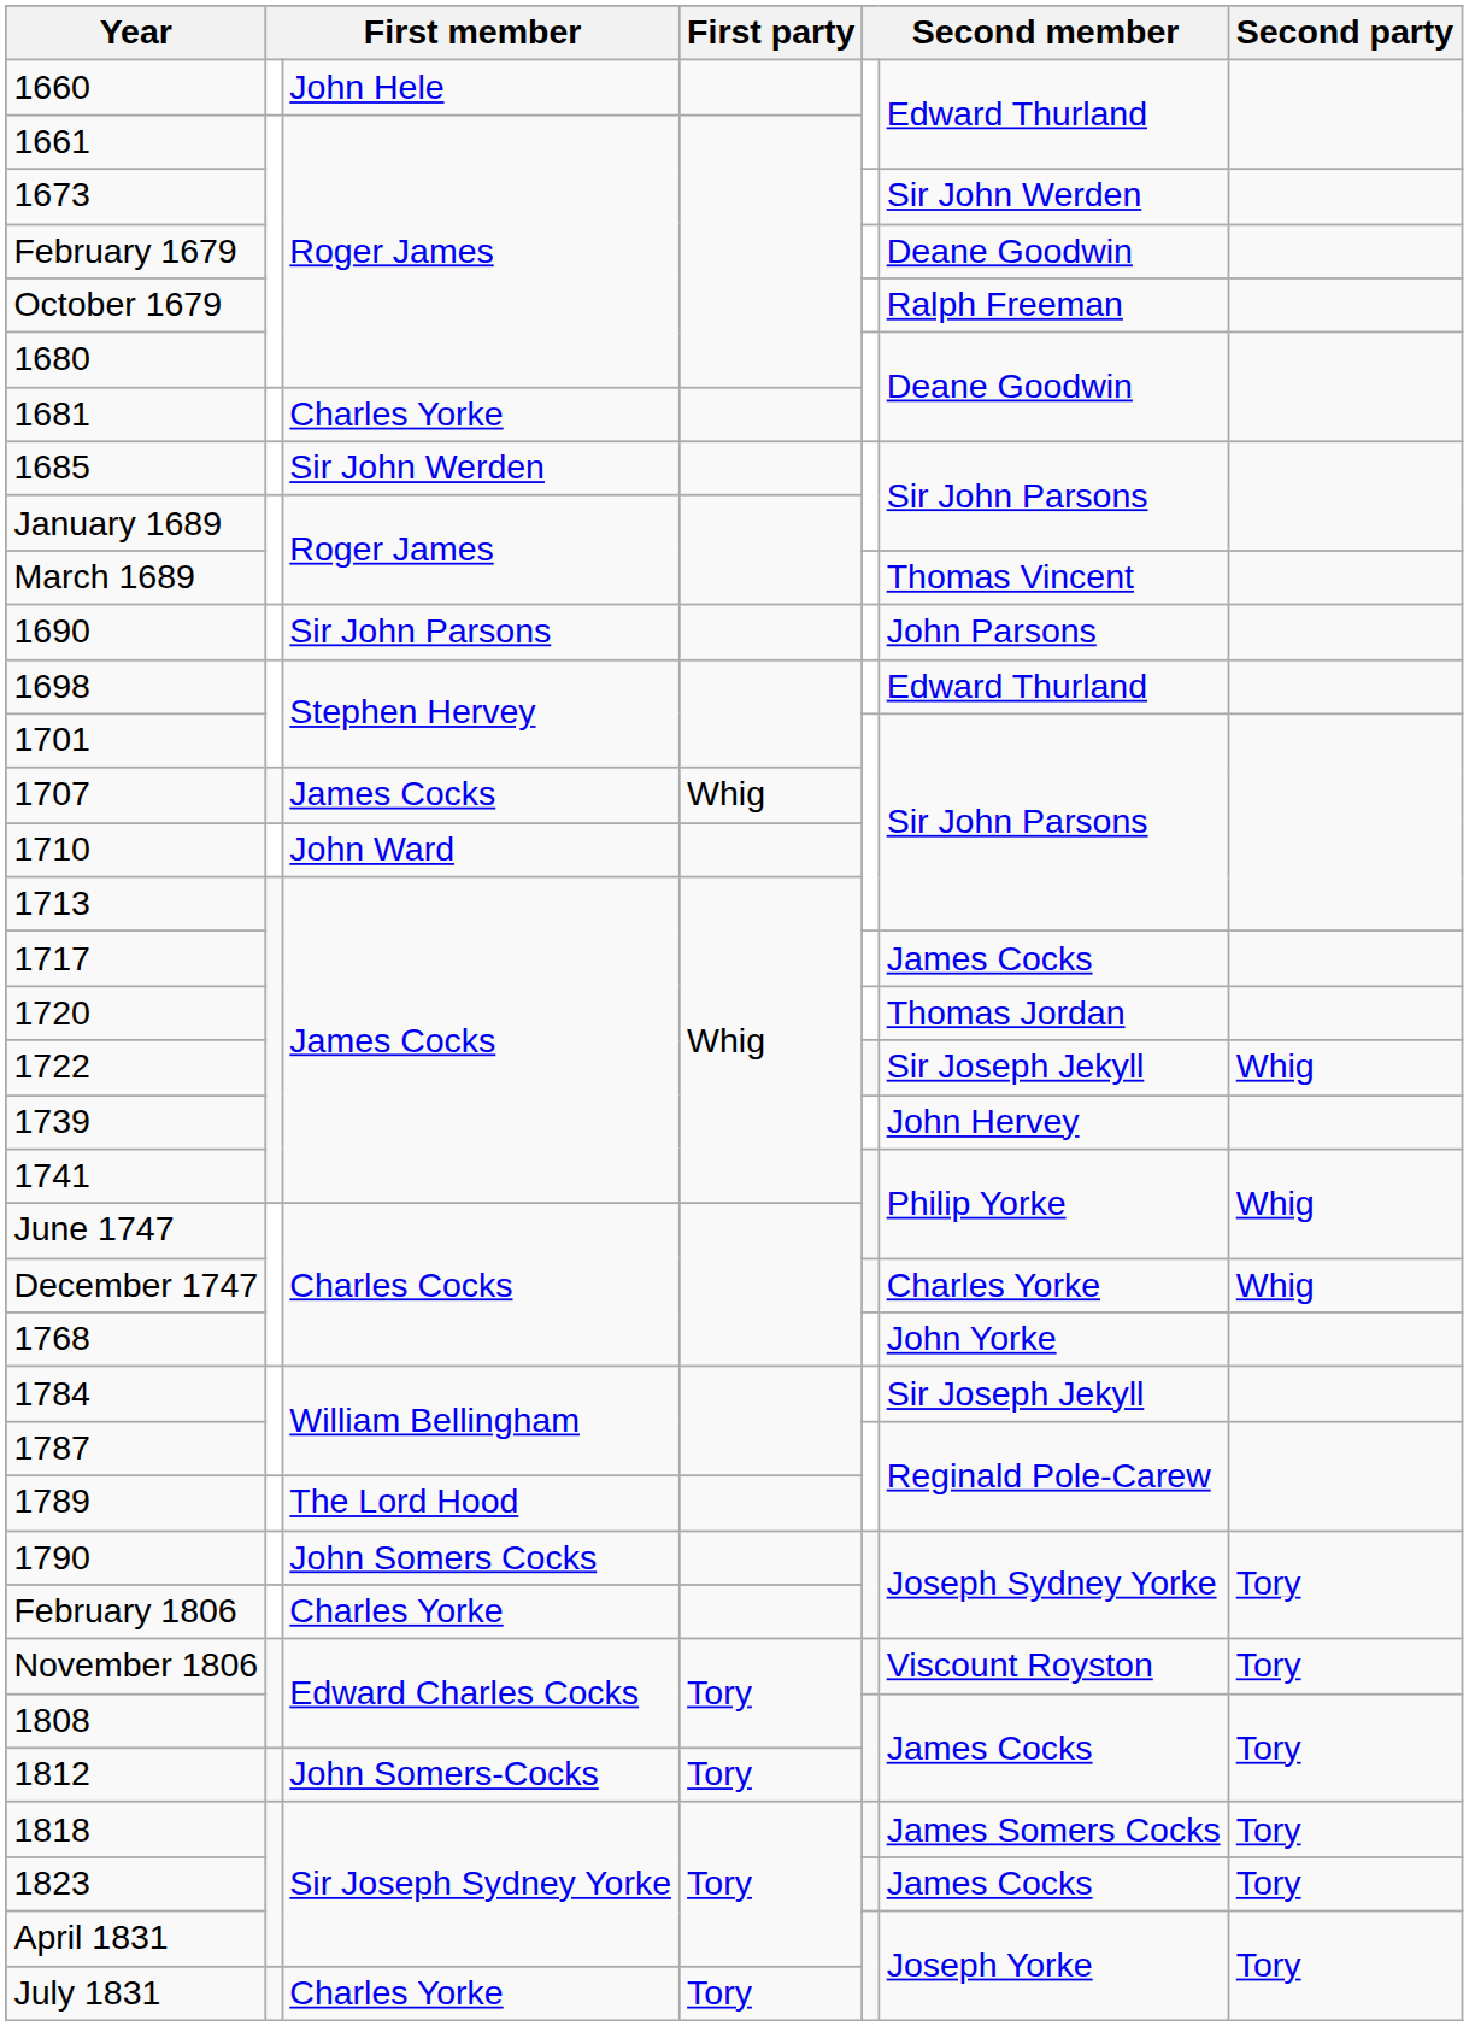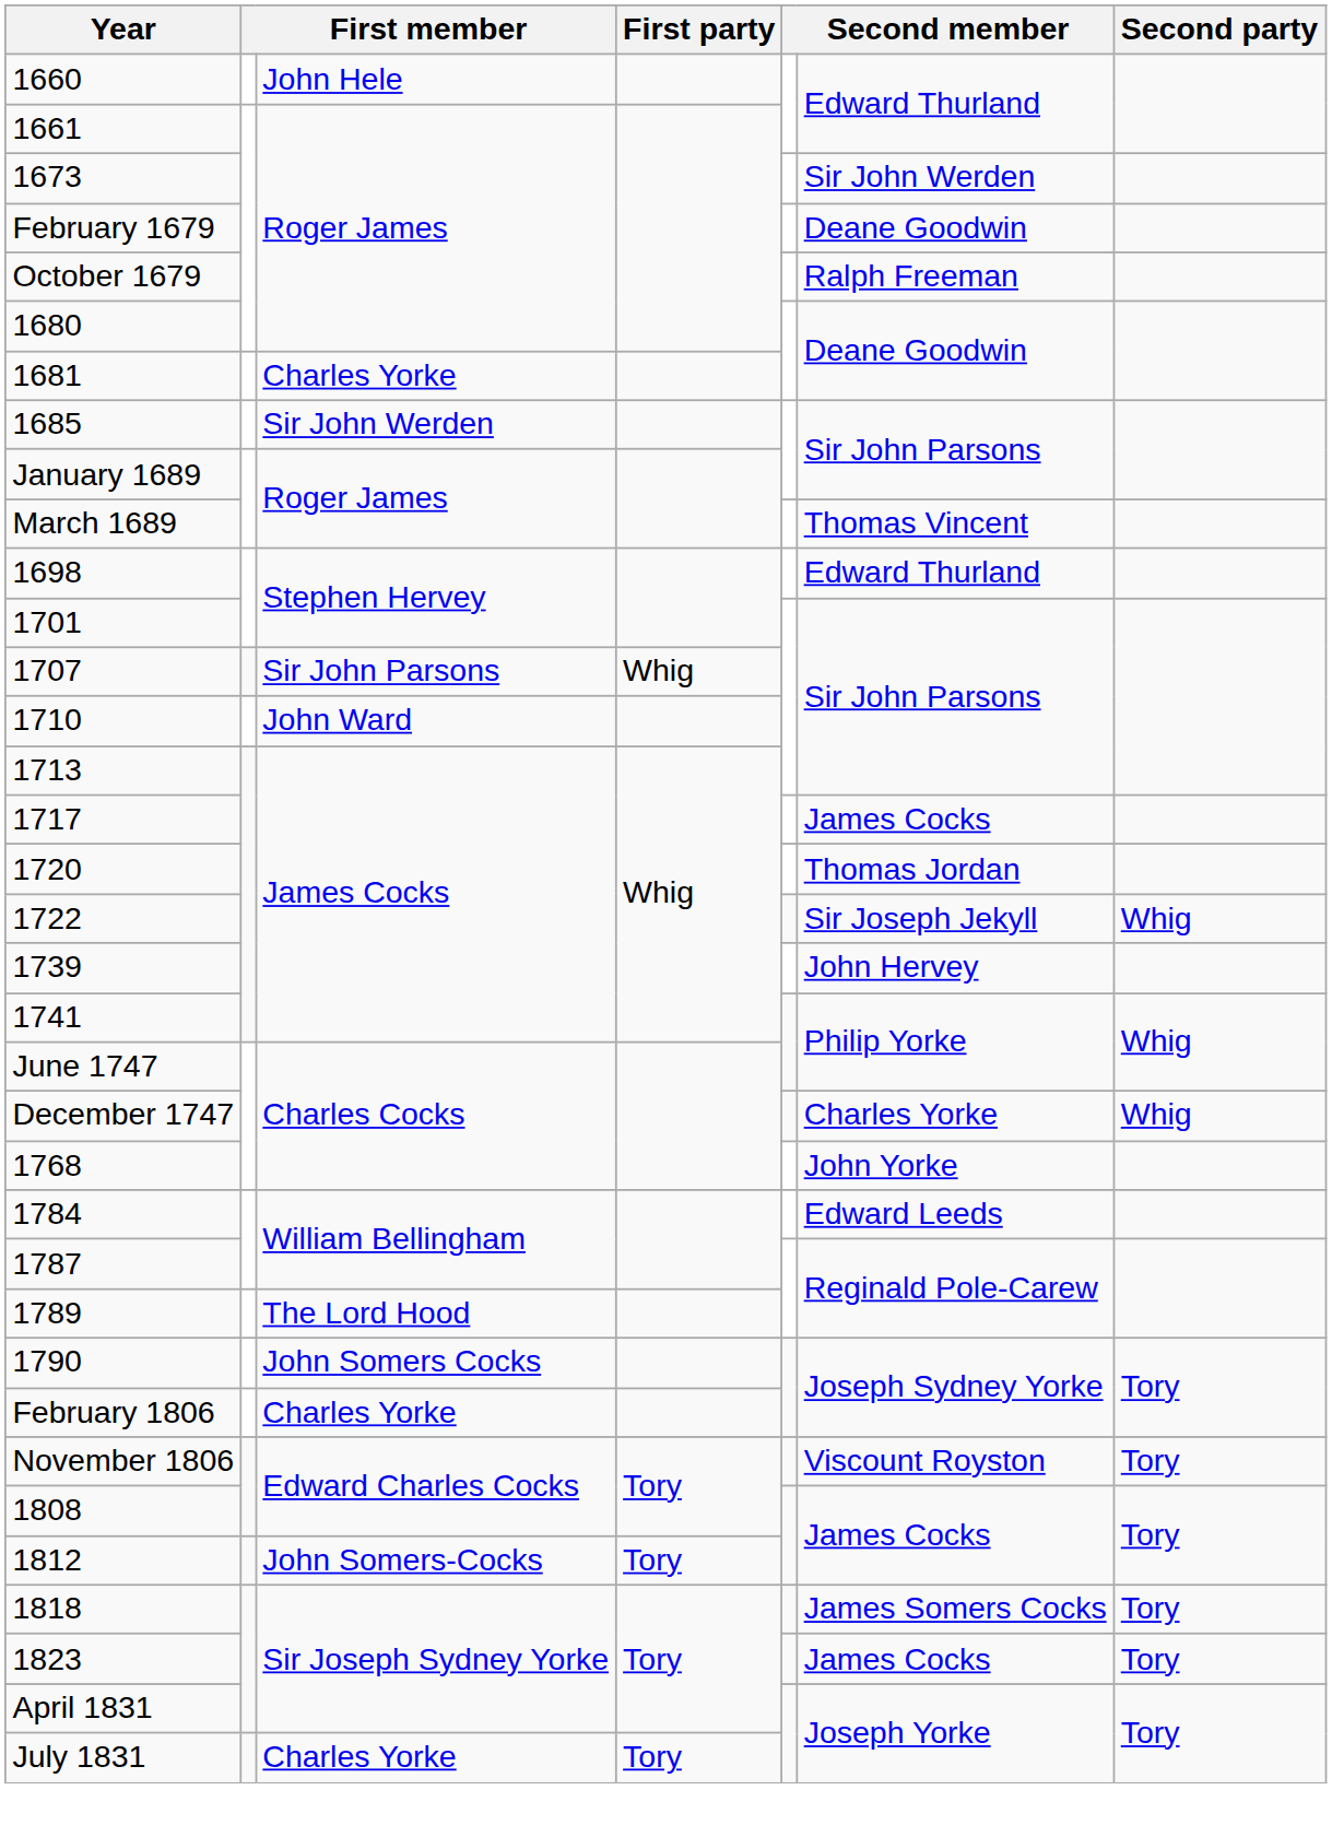 <table class="wikitable">
 <tr>
 <th>Year</th>
 <th colspan="2">First member</th>
 <th>First party</th>
 <th colspan="2">Second member</th>
 <th>Second party</th>
 </tr>
 <tr>
 <td>1660</td>
 <td style="color:inherit;background-color: white"></td>
 <td><a href='#'>John Hele</a></td>
 <td></td>
 <td rowspan="2" style="color:inherit;background-color: white"></td>
 <td rowspan="2"><a href='#'>Edward Thurland</a></td>
 <td rowspan="2"></td>
 </tr>
 <tr>
 <td>1661</td>
 <td rowspan="5" style="color:inherit;background-color: white"></td>
 <td rowspan="5"><a href='#'>Roger James</a></td>
 <td rowspan="5"></td>
 </tr>
 <tr>
 <td>1673</td>
 <td style="color:inherit;background-color: white"></td>
 <td><a href='#'>Sir John Werden</a></td>
 <td></td>
 </tr>
 <tr>
 <td>February 1679</td>
 <td style="color:inherit;background-color: white"></td>
 <td><a href='#'>Deane Goodwin</a></td>
 <td></td>
 </tr>
 <tr>
 <td>October 1679</td>
 <td style="color:inherit;background-color: white"></td>
 <td><a href='#'>Ralph Freeman</a></td>
 <td></td>
 </tr>
 <tr>
 <td>1680</td>
 <td rowspan="2" style="color:inherit;background-color: white"></td>
 <td rowspan="2"><a href='#'>Deane Goodwin</a></td>
 <td rowspan="2"></td>
 </tr>
 <tr>
 <td>1681</td>
 <td style="color:inherit;background-color: white"></td>
 <td><a href='#'>Charles Yorke</a></td>
 <td></td>
 </tr>
 <tr>
 <td>1685</td>
 <td style="color:inherit;background-color: white"></td>
 <td><a href='#'>Sir John Werden</a></td>
 <td></td>
 <td rowspan="2" style="color:inherit;background-color: white"></td>
 <td rowspan="2"><a href='#'>Sir John Parsons</a></td>
 <td rowspan="2"></td>
 </tr>
 <tr>
 <td>January 1689</td>
 <td rowspan="2" style="color:inherit;background-color: white"></td>
 <td rowspan="2"><a href='#'>Roger James</a></td>
 <td rowspan="2"></td>
 </tr>
 <tr>
 <td>March 1689</td>
 <td style="color:inherit;background-color: white"></td>
 <td><a href='#'>Thomas Vincent</a></td>
 <td></td>
 </tr>
 <tr>
-<td>1690</td>
-<td style="color:inherit;background-color: white"></td>
-<td><a href='#'>Sir John Parsons</a></td>
-<td></td>
-<td style="color:inherit;background-color: white"></td>
-<td><a href='#'>John Parsons</a></td>
-<td></td>
-</tr>
-<tr>
 <td>1698</td>
 <td rowspan="2" style="color:inherit;background-color: white"></td>
 <td rowspan="2"><a href='#'>Stephen Hervey</a></td>
 <td rowspan="2"></td>
 <td style="color:inherit;background-color: white"></td>
 <td><a href='#'>Edward Thurland</a></td>
 <td></td>
 </tr>
 <tr>
 <td>1701</td>
 <td rowspan="4" style="color:inherit;background-color: white"></td>
 <td rowspan="4"><a href='#'>Sir John Parsons</a></td>
 <td rowspan="4"></td>
 </tr>
 <tr>
 <td>1707</td>
 <td style="color:inherit;background-color: "></td>
-<td><a href='#'>James Cocks</a></td>
+<td><a href='#'>Sir John Parsons</a></td>
 <td>Whig</td>
 </tr>
 <tr>
 <td>1710</td>
 <td style="color:inherit;background-color: white"></td>
 <td><a href='#'>John Ward</a></td>
 <td></td>
 </tr>
 <tr>
 <td>1713</td>
 <td rowspan="6" style="color:inherit;background-color: "></td>
 <td rowspan="6"><a href='#'>James Cocks</a></td>
 <td rowspan="6">Whig</td>
 </tr>
 <tr>
 <td>1717</td>
 <td style="color:inherit;background-color: white"></td>
 <td><a href='#'>James Cocks</a></td>
 <td></td>
 </tr>
 <tr>
 <td>1720</td>
 <td style="color:inherit;background-color: white"></td>
 <td><a href='#'>Thomas Jordan</a></td>
 <td></td>
 </tr>
 <tr>
 <td>1722</td>
 <td style="color:inherit;background-color: "></td>
 <td><a href='#'>Sir Joseph Jekyll</a></td>
 <td><a href='#'>Whig</a></td>
 </tr>
 <tr>
 <td>1739</td>
 <td style="color:inherit;background-color: white"></td>
 <td><a href='#'>John Hervey</a></td>
 <td></td>
 </tr>
 <tr>
 <td>1741</td>
 <td rowspan="2" style="color:inherit;background-color: "></td>
 <td rowspan="2"><a href='#'>Philip Yorke</a></td>
 <td rowspan="2"><a href='#'>Whig</a></td>
 </tr>
 <tr>
 <td>June 1747</td>
 <td rowspan="3" style="color:inherit;background-color: white"></td>
 <td rowspan="3"><a href='#'>Charles Cocks</a></td>
 <td rowspan="3"></td>
 </tr>
 <tr>
 <td>December 1747</td>
 <td style="color:inherit;background-color: "></td>
 <td><a href='#'>Charles Yorke</a></td>
 <td><a href='#'>Whig</a></td>
 </tr>
 <tr>
 <td>1768</td>
 <td style="color:inherit;background-color: white"></td>
 <td><a href='#'>John Yorke</a></td>
 <td></td>
 </tr>
 <tr>
 <td>1784</td>
 <td rowspan="2" style="color:inherit;background-color: white"></td>
 <td rowspan="2"><a href='#'>William Bellingham</a></td>
 <td rowspan="2"></td>
 <td style="color:inherit;background-color: white"></td>
-<td><a href='#'>Sir Joseph Jekyll</a></td>
+<td><a href='#'>Edward Leeds</a></td>
 <td></td>
 </tr>
 <tr>
 <td>1787</td>
 <td rowspan="2" style="color:inherit;background-color: white"></td>
 <td rowspan="2"><a href='#'>Reginald Pole-Carew</a></td>
 <td rowspan="2"></td>
 </tr>
 <tr>
 <td>1789</td>
 <td style="color:inherit;background-color: white"></td>
 <td><a href='#'>The Lord Hood</a></td>
 <td></td>
 </tr>
 <tr>
 <td>1790</td>
 <td style="color:inherit;background-color: white"></td>
 <td><a href='#'>John Somers Cocks</a></td>
 <td></td>
 <td rowspan="2" style="color:inherit;background-color: "></td>
 <td rowspan="2"><a href='#'>Joseph Sydney Yorke</a></td>
 <td rowspan="2"><a href='#'>Tory</a></td>
 </tr>
 <tr>
 <td>February 1806</td>
 <td style="color:inherit;background-color: white"></td>
 <td><a href='#'>Charles Yorke</a></td>
 <td></td>
 </tr>
 <tr>
 <td>November 1806</td>
 <td rowspan="2" style="color:inherit;background-color: "></td>
 <td rowspan="2"><a href='#'>Edward Charles Cocks</a></td>
 <td rowspan="2"><a href='#'>Tory</a></td>
 <td style="color:inherit;background-color: "></td>
 <td><a href='#'>Viscount Royston</a></td>
 <td><a href='#'>Tory</a></td>
 </tr>
 <tr>
 <td>1808</td>
 <td rowspan="2" style="color:inherit;background-color: "></td>
 <td rowspan="2"><a href='#'>James Cocks</a></td>
 <td rowspan="2"><a href='#'>Tory</a></td>
 </tr>
 <tr>
 <td>1812</td>
 <td style="color:inherit;background-color: "></td>
 <td><a href='#'>John Somers-Cocks</a></td>
 <td><a href='#'>Tory</a></td>
 </tr>
 <tr>
 <td>1818</td>
 <td rowspan="3" style="color:inherit;background-color: "></td>
 <td rowspan="3"><a href='#'>Sir Joseph Sydney Yorke</a></td>
 <td rowspan="3"><a href='#'>Tory</a></td>
 <td style="color:inherit;background-color: "></td>
 <td><a href='#'>James Somers Cocks</a></td>
 <td><a href='#'>Tory</a></td>
 </tr>
 <tr>
 <td>1823</td>
 <td style="color:inherit;background-color: "></td>
 <td><a href='#'>James Cocks</a></td>
 <td><a href='#'>Tory</a></td>
 </tr>
 <tr>
 <td>April 1831</td>
 <td rowspan="2" style="color:inherit;background-color: "></td>
 <td rowspan="2"><a href='#'>Joseph Yorke</a></td>
 <td rowspan="2"><a href='#'>Tory</a></td>
 </tr>
 <tr>
 <td>July 1831</td>
 <td style="color:inherit;background-color: "></td>
 <td><a href='#'>Charles Yorke</a></td>
 <td><a href='#'>Tory</a></td>
 </tr>
 </table>
